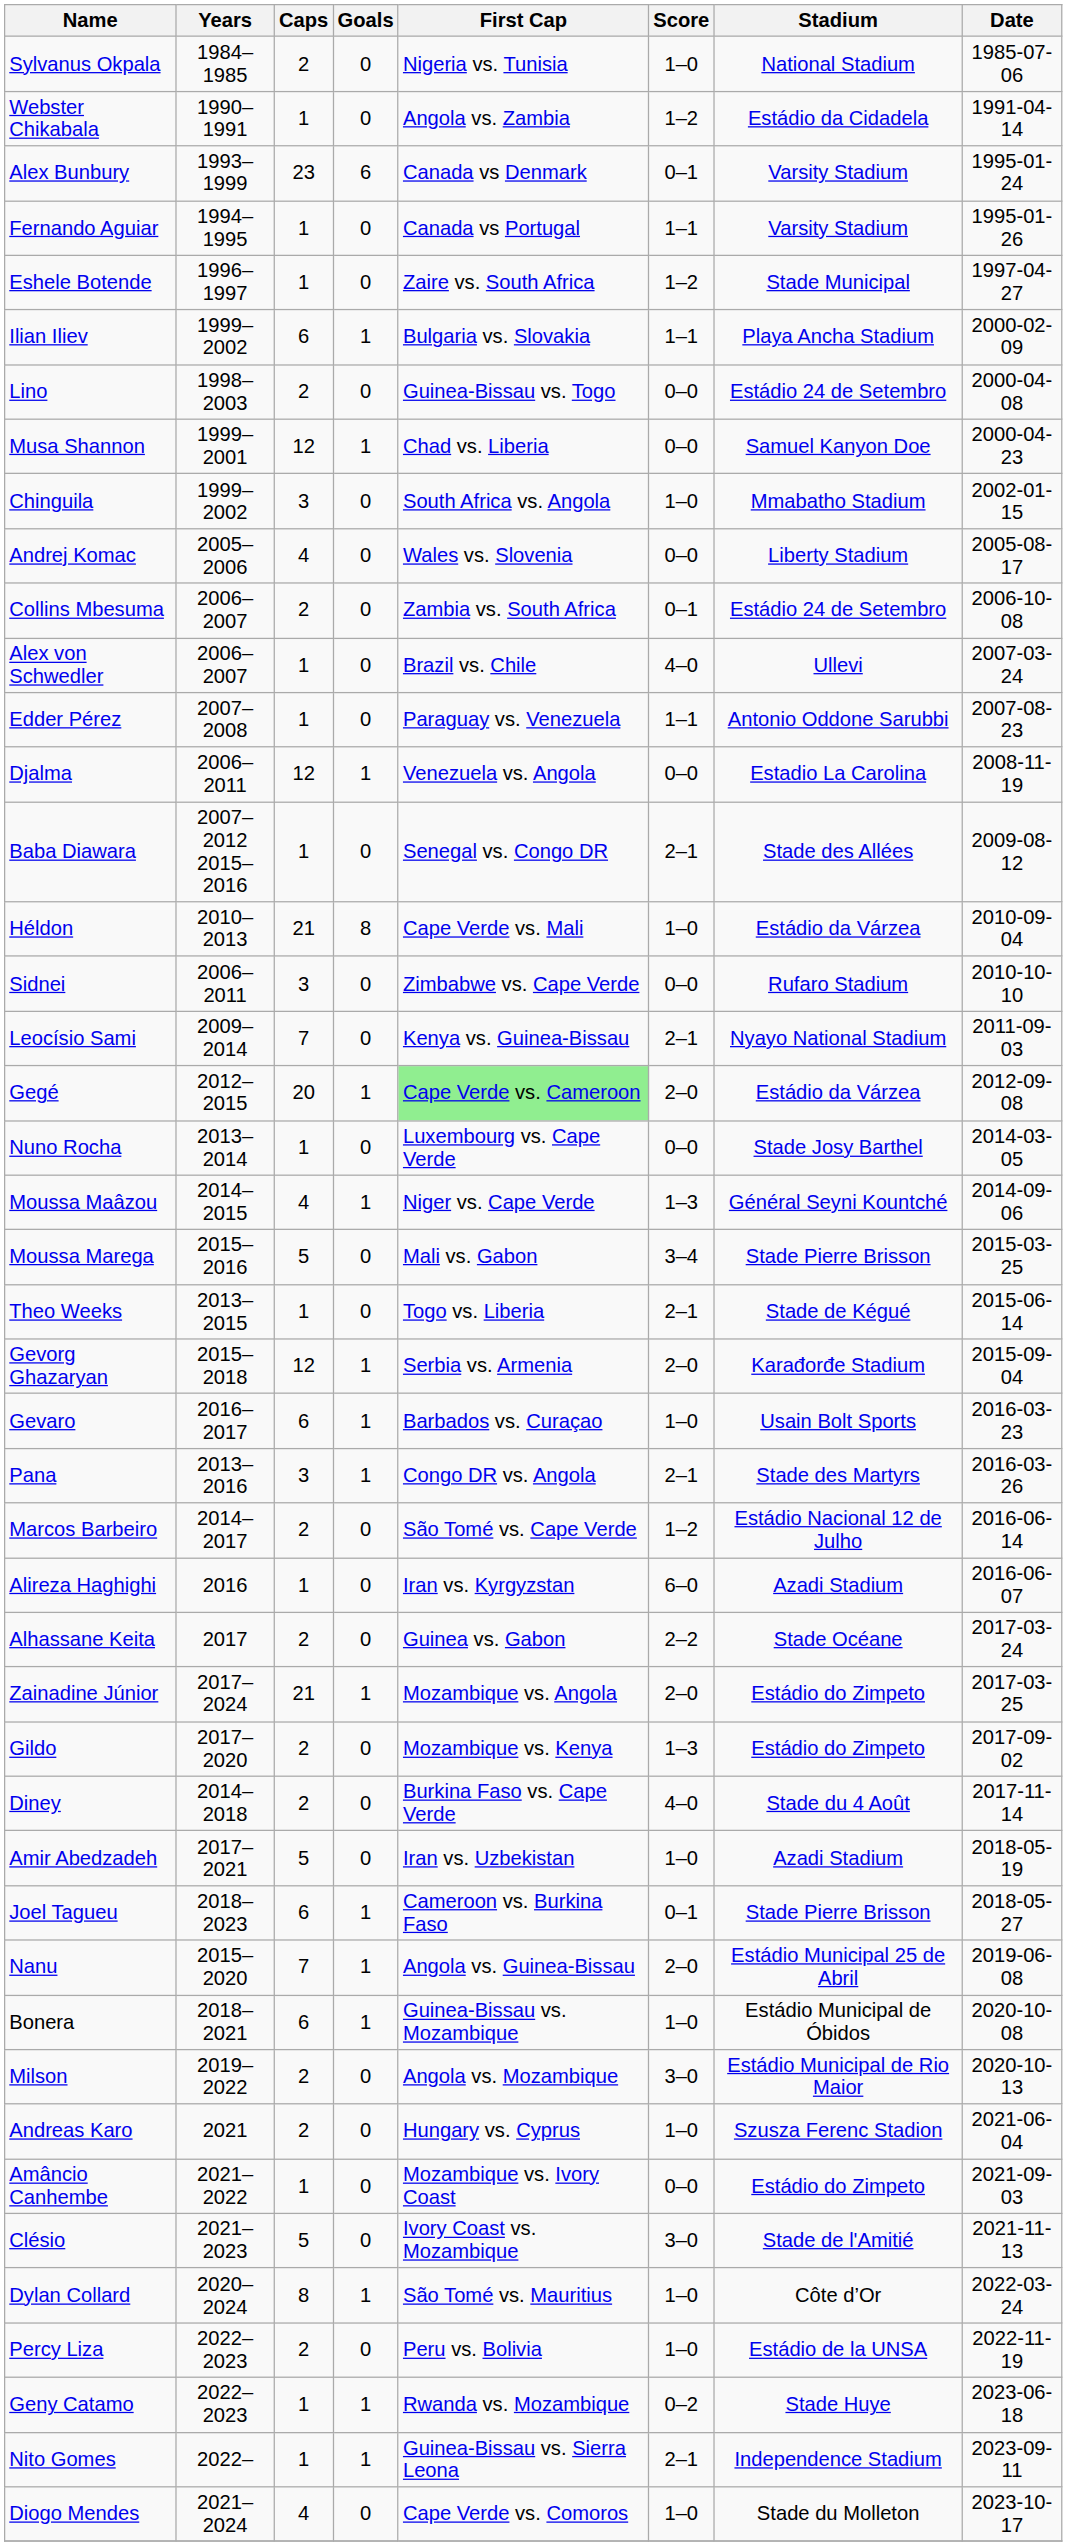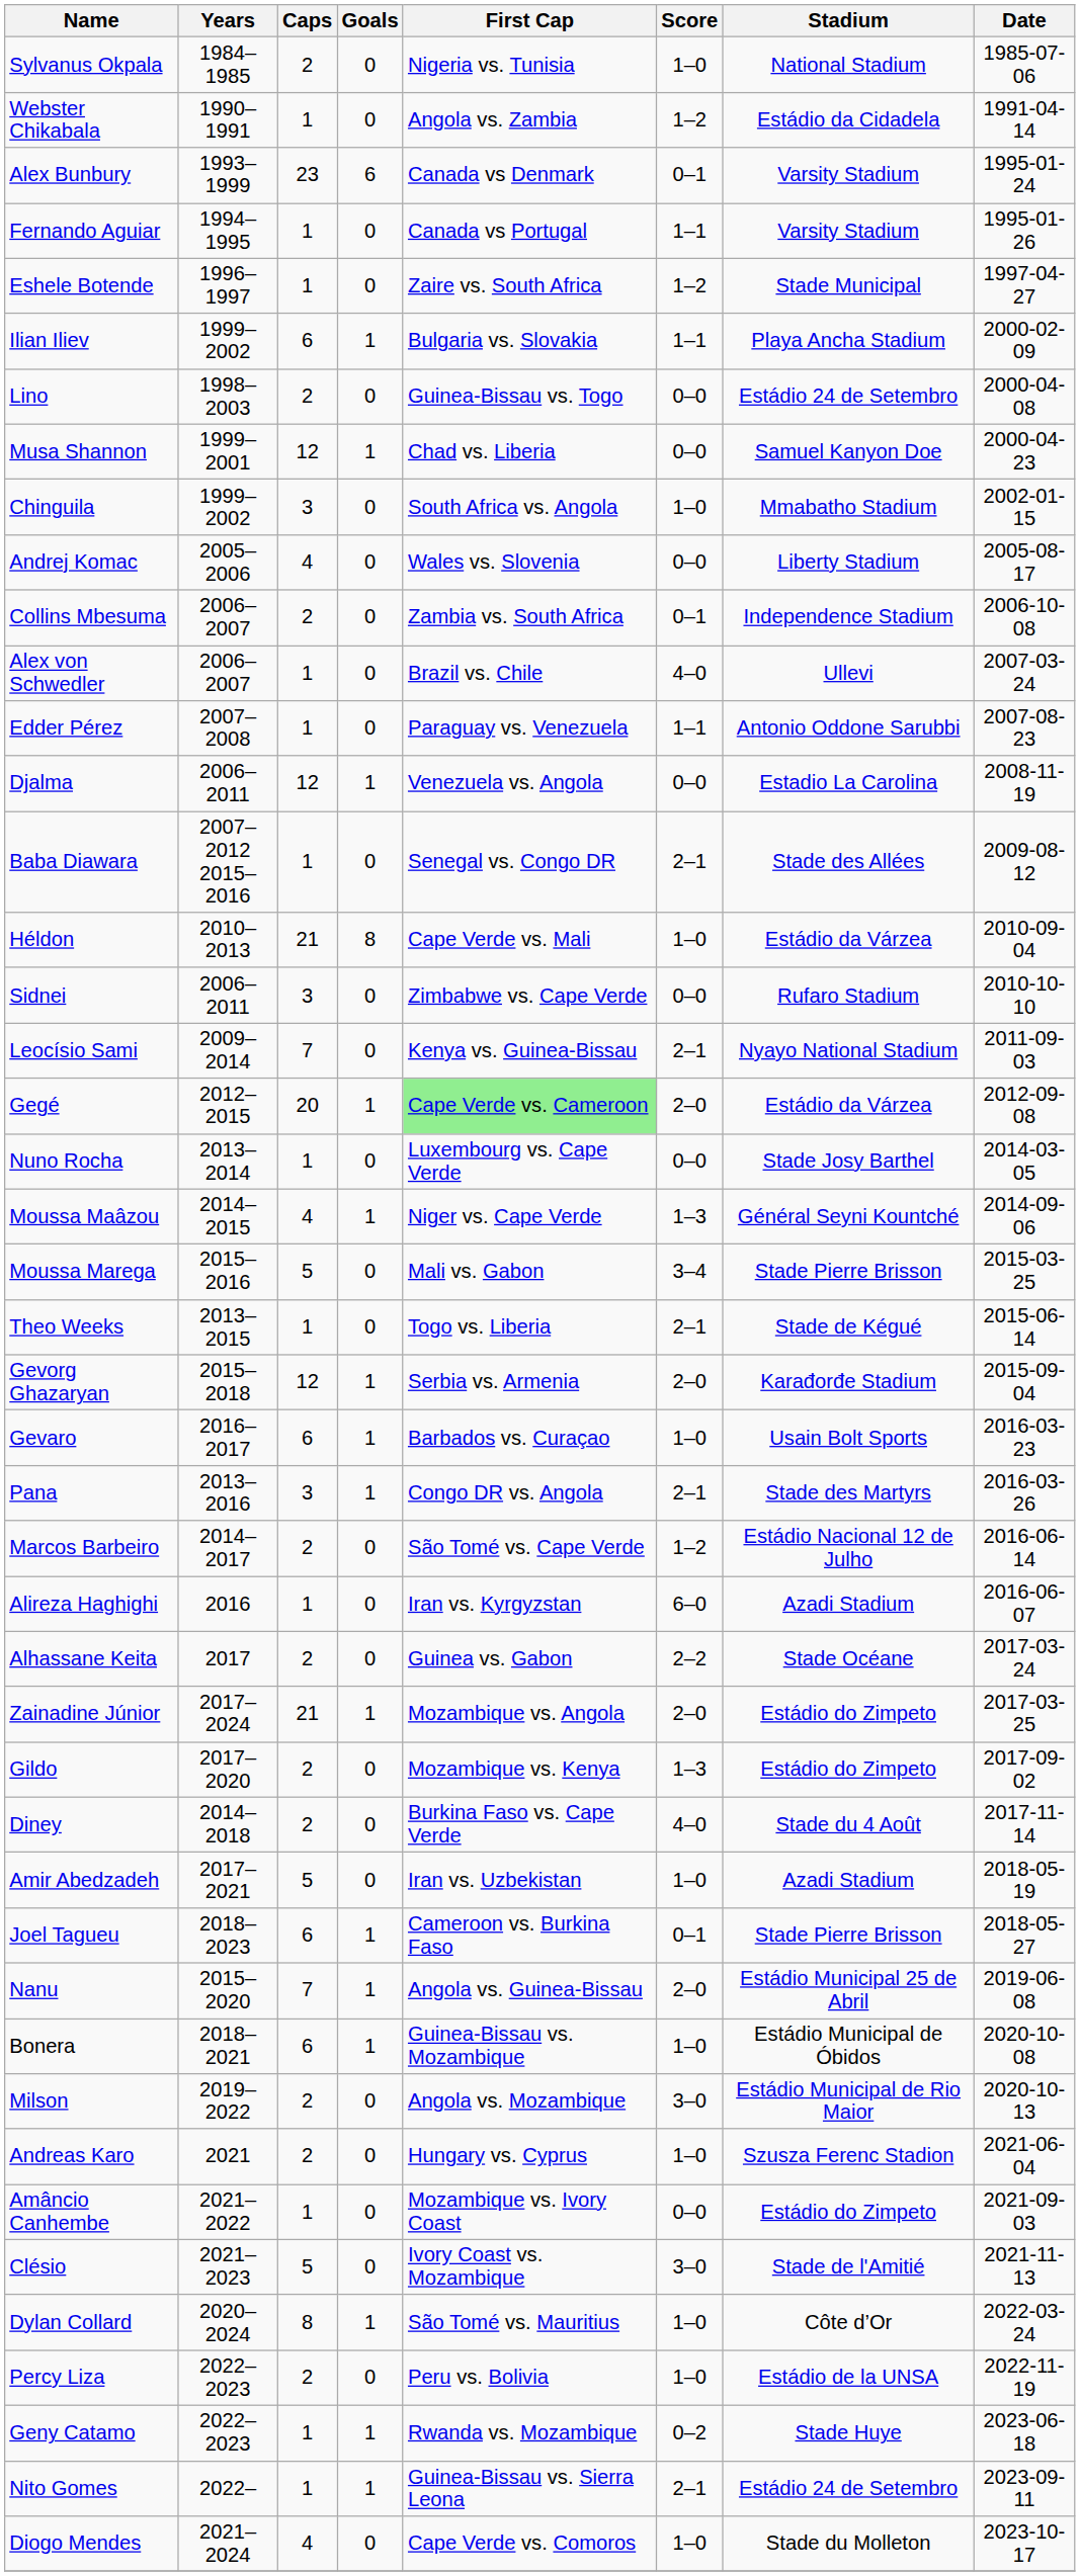 <table class="wikitable sortable" style="width:95%; align:center; text-align:center">
 <tr>
 <th>Name</th>
 <th>Years</th>
 <th>Caps</th>
 <th>Goals</th>
 <th>First Cap</th>
 <th>Score</th>
 <th>Stadium</th>
 <th>Date</th>
 </tr>
 <tr>
 <td align="left"> <a href='#'>Sylvanus Okpala</a></td>
 <td align="center">1984–1985</td>
 <td>2</td>
 <td>0</td>
 <td align="left"><a href='#'>Nigeria</a>  vs.  <a href='#'>Tunisia</a></td>
 <td>1–0</td>
 <td><a href='#'>National Stadium</a></td>
 <td>1985-07-06</td>
 </tr>
 <tr>
 <td align="left"> <a href='#'>Webster Chikabala</a></td>
 <td align="center">1990–1991</td>
 <td>1</td>
 <td>0</td>
 <td align="left"><a href='#'>Angola</a>  vs.  <a href='#'>Zambia</a></td>
 <td>1–2</td>
 <td><a href='#'>Estádio da Cidadela</a></td>
 <td>1991-04-14</td>
 </tr>
 <tr>
 <td align="left"> <a href='#'>Alex Bunbury</a></td>
 <td align="center">1993–1999</td>
 <td>23</td>
 <td>6</td>
 <td align="left"><a href='#'>Canada</a>  vs  <a href='#'>Denmark</a></td>
 <td>0–1</td>
 <td><a href='#'>Varsity Stadium</a></td>
 <td>1995-01-24</td>
 </tr>
 <tr>
 <td align="left"> <a href='#'>Fernando Aguiar</a></td>
 <td align="center">1994–1995</td>
 <td>1</td>
 <td>0</td>
 <td align="left"><a href='#'>Canada</a>  vs  <a href='#'>Portugal</a></td>
 <td>1–1</td>
 <td><a href='#'>Varsity Stadium</a></td>
 <td>1995-01-26</td>
 </tr>
 <tr>
 <td align="left"> <a href='#'>Eshele Botende</a></td>
 <td align="center">1996–1997</td>
 <td>1</td>
 <td>0</td>
 <td align="left"><a href='#'>Zaire</a>  vs.  <a href='#'>South Africa</a></td>
 <td>1–2</td>
 <td><a href='#'>Stade Municipal</a></td>
 <td>1997-04-27</td>
 </tr>
 <tr>
 <td align="left"> <a href='#'>Ilian Iliev</a></td>
 <td align="center">1999–2002</td>
 <td>6</td>
 <td>1</td>
 <td align="left"><a href='#'>Bulgaria</a>  vs.  <a href='#'>Slovakia</a></td>
 <td>1–1</td>
 <td><a href='#'>Playa Ancha Stadium</a></td>
 <td>2000-02-09</td>
 </tr>
 <tr>
 <td align="left"> <a href='#'>Lino</a></td>
 <td align="center">1998–2003</td>
 <td>2</td>
 <td>0</td>
 <td align="left"><a href='#'>Guinea-Bissau</a>   vs.  <a href='#'>Togo</a></td>
 <td>0–0</td>
 <td><a href='#'>Estádio 24 de Setembro</a></td>
 <td>2000-04-08</td>
 </tr>
 <tr>
 <td align="left"> <a href='#'>Musa Shannon</a></td>
 <td align="center">1999–2001</td>
 <td>12</td>
 <td>1</td>
 <td align="left"><a href='#'>Chad</a>  vs.  <a href='#'>Liberia</a></td>
 <td>0–0</td>
 <td><a href='#'>Samuel Kanyon Doe</a></td>
 <td>2000-04-23</td>
 </tr>
 <tr>
 <td align="left"> <a href='#'>Chinguila</a></td>
 <td align="center">1999–2002</td>
 <td>3</td>
 <td>0</td>
 <td align="left"><a href='#'>South Africa</a>  vs.  <a href='#'>Angola</a></td>
 <td>1–0</td>
 <td><a href='#'>Mmabatho Stadium</a></td>
 <td>2002-01-15</td>
 </tr>
 <tr>
 <td align="left"> <a href='#'>Andrej Komac</a></td>
 <td align="center">2005–2006</td>
 <td>4</td>
 <td>0</td>
 <td align="left"><a href='#'>Wales</a>  vs.  <a href='#'>Slovenia</a></td>
 <td>0–0</td>
 <td><a href='#'>Liberty Stadium</a></td>
 <td>2005-08-17</td>
 </tr>
 <tr>
 <td align="left"> <a href='#'>Collins Mbesuma</a></td>
 <td align="center">2006–2007</td>
 <td>2</td>
 <td>0</td>
 <td align="left"><a href='#'>Zambia</a>  vs.  <a href='#'>South Africa</a></td>
 <td>0–1</td>
-<td><a href='#'>Estádio 24 de Setembro</a></td>
+<td><a href='#'>Independence Stadium</a></td>
 <td>2006-10-08</td>
 </tr>
 <tr>
 <td align="left"> <a href='#'>Alex von Schwedler</a></td>
 <td align="center">2006–2007</td>
 <td>1</td>
 <td>0</td>
 <td align="left"><a href='#'>Brazil</a>  vs.  <a href='#'>Chile</a></td>
 <td>4–0</td>
 <td><a href='#'>Ullevi</a></td>
 <td>2007-03-24</td>
 </tr>
 <tr>
 <td align="left"> <a href='#'>Edder Pérez</a></td>
 <td align="center">2007–2008</td>
 <td>1</td>
 <td>0</td>
 <td align="left"><a href='#'>Paraguay</a>  vs.  <a href='#'>Venezuela</a></td>
 <td>1–1</td>
 <td><a href='#'>Antonio Oddone Sarubbi</a></td>
 <td>2007-08-23</td>
 </tr>
 <tr>
 <td align="left"> <a href='#'>Djalma</a></td>
 <td align="center">2006–2011</td>
 <td>12</td>
 <td>1</td>
 <td align="left"><a href='#'>Venezuela</a>  vs.  <a href='#'>Angola</a></td>
 <td>0–0</td>
 <td><a href='#'>Estadio La Carolina</a></td>
 <td>2008-11-19</td>
 </tr>
 <tr>
 <td align="left"> <a href='#'>Baba Diawara</a></td>
 <td align="center">2007–2012<br>2015–2016</td>
 <td>1</td>
 <td>0</td>
 <td align="left"><a href='#'>Senegal</a>   vs.  <a href='#'>Congo DR</a></td>
 <td>2–1</td>
 <td><a href='#'>Stade des Allées</a></td>
 <td>2009-08-12</td>
 </tr>
 <tr>
 <td align="left"> <a href='#'>Héldon</a></td>
 <td align="center">2010–2013</td>
 <td>21</td>
 <td>8</td>
 <td align="left"><a href='#'>Cape Verde</a>  vs.  <a href='#'>Mali</a></td>
 <td>1–0</td>
 <td><a href='#'>Estádio da Várzea</a></td>
 <td>2010-09-04</td>
 </tr>
 <tr>
 <td align="left"> <a href='#'>Sidnei</a></td>
 <td align="center">2006–2011</td>
 <td>3</td>
 <td>0</td>
 <td align="left"><a href='#'>Zimbabwe</a>  vs.  <a href='#'>Cape Verde</a></td>
 <td>0–0</td>
 <td><a href='#'>Rufaro Stadium</a></td>
 <td>2010-10-10</td>
 </tr>
 <tr>
 <td align="left"> <a href='#'>Leocísio Sami</a></td>
 <td align="center">2009–2014</td>
 <td>7</td>
 <td>0</td>
 <td align="left"><a href='#'>Kenya</a>   vs.  <a href='#'>Guinea-Bissau</a></td>
 <td>2–1</td>
 <td><a href='#'>Nyayo National Stadium</a></td>
 <td>2011-09-03</td>
 </tr>
 <tr>
 <td align="left"> <a href='#'>Gegé</a></td>
 <td align="center">2012–2015</td>
 <td>20</td>
 <td>1</td>
 <td align="left" style="background: lightgreen;"><a href='#'>Cape Verde</a>  vs.  <a href='#'>Cameroon</a></td>
 <td>2–0</td>
 <td><a href='#'>Estádio da Várzea</a></td>
 <td>2012-09-08</td>
 </tr>
 <tr>
 <td align="left"> <a href='#'>Nuno Rocha</a></td>
 <td align="center">2013–2014</td>
 <td>1</td>
 <td>0</td>
 <td align="left"><a href='#'>Luxembourg</a>  vs.  <a href='#'>Cape Verde</a></td>
 <td>0–0</td>
 <td><a href='#'>Stade Josy Barthel</a></td>
 <td>2014-03-05</td>
 </tr>
 <tr>
 <td align="left"> <a href='#'>Moussa Maâzou</a></td>
 <td align="center">2014–2015</td>
 <td>4</td>
 <td>1</td>
 <td align="left"><a href='#'>Niger</a>  vs.  <a href='#'>Cape Verde</a></td>
 <td>1–3</td>
 <td><a href='#'>Général Seyni Kountché</a></td>
 <td>2014-09-06</td>
 </tr>
 <tr>
 <td align="left"> <a href='#'>Moussa Marega</a></td>
 <td align="center">2015–2016</td>
 <td>5</td>
 <td>0</td>
 <td align="left"><a href='#'>Mali</a>  vs.  <a href='#'>Gabon</a></td>
 <td>3–4</td>
 <td><a href='#'>Stade Pierre Brisson</a></td>
 <td>2015-03-25</td>
 </tr>
 <tr>
 <td align="left"> <a href='#'>Theo Weeks</a></td>
 <td align="center">2013–2015</td>
 <td>1</td>
 <td>0</td>
 <td align="left"><a href='#'>Togo</a>  vs.  <a href='#'>Liberia</a></td>
 <td>2–1</td>
 <td><a href='#'>Stade de Kégué</a></td>
 <td>2015-06-14</td>
 </tr>
 <tr>
 <td align="left"> <a href='#'>Gevorg Ghazaryan</a></td>
 <td align="center">2015–2018</td>
 <td>12</td>
 <td>1</td>
 <td align="left"><a href='#'>Serbia</a>  vs.  <a href='#'>Armenia</a></td>
 <td>2–0</td>
 <td><a href='#'>Karađorđe Stadium</a></td>
 <td>2015-09-04</td>
 </tr>
 <tr>
 <td align="left"> <a href='#'>Gevaro</a></td>
 <td align="center">2016–2017</td>
 <td>6</td>
 <td>1</td>
 <td align="left"><a href='#'>Barbados</a>   vs.  <a href='#'>Curaçao</a></td>
 <td>1–0</td>
 <td><a href='#'>Usain Bolt Sports</a></td>
 <td>2016-03-23</td>
 </tr>
 <tr>
 <td align="left"> <a href='#'>Pana</a></td>
 <td align="center">2013–2016</td>
 <td>3</td>
 <td>1</td>
 <td align="left"><a href='#'>Congo DR</a>   vs.  <a href='#'>Angola</a></td>
 <td>2–1</td>
 <td><a href='#'>Stade des Martyrs</a></td>
 <td>2016-03-26</td>
 </tr>
 <tr>
 <td align="left"> <a href='#'>Marcos Barbeiro</a></td>
 <td align="center">2014–2017</td>
 <td>2</td>
 <td>0</td>
 <td align="left"><a href='#'>São Tomé</a>  vs.  <a href='#'>Cape Verde</a></td>
 <td>1–2</td>
 <td><a href='#'>Estádio Nacional 12 de Julho</a></td>
 <td>2016-06-14</td>
 </tr>
 <tr>
 <td align="left"> <a href='#'>Alireza Haghighi</a></td>
 <td align="center">2016</td>
 <td>1</td>
 <td>0</td>
 <td align="left"><a href='#'>Iran</a>   vs.  <a href='#'>Kyrgyzstan</a></td>
 <td>6–0</td>
 <td><a href='#'>Azadi Stadium</a></td>
 <td>2016-06-07</td>
 </tr>
 <tr>
 <td align="left"> <a href='#'>Alhassane Keita</a></td>
 <td align="center">2017</td>
 <td>2</td>
 <td>0</td>
 <td align="left"><a href='#'>Guinea</a>  vs.  <a href='#'>Gabon</a></td>
 <td>2–2</td>
 <td><a href='#'>Stade Océane</a></td>
 <td>2017-03-24</td>
 </tr>
 <tr>
 <td align="left"> <a href='#'>Zainadine Júnior</a></td>
 <td align="center">2017–2024</td>
 <td>21</td>
 <td>1</td>
 <td align="left"><a href='#'>Mozambique</a>  vs.  <a href='#'>Angola</a></td>
 <td>2–0</td>
 <td><a href='#'>Estádio do Zimpeto</a></td>
 <td>2017-03-25</td>
 </tr>
 <tr>
 <td align="left"> <a href='#'>Gildo</a></td>
 <td align="center">2017–2020</td>
 <td>2</td>
 <td>0</td>
 <td align="left"><a href='#'>Mozambique</a>  vs.  <a href='#'>Kenya</a></td>
 <td>1–3</td>
 <td><a href='#'>Estádio do Zimpeto</a></td>
 <td>2017-09-02</td>
 </tr>
 <tr>
 <td align="left"> <a href='#'>Diney</a></td>
 <td align="center">2014–2018</td>
 <td>2</td>
 <td>0</td>
 <td align="left"><a href='#'>Burkina Faso</a>  vs.  <a href='#'>Cape Verde</a></td>
 <td>4–0</td>
 <td><a href='#'>Stade du 4 Août</a></td>
 <td>2017-11-14</td>
 </tr>
 <tr>
 <td align="left"> <a href='#'>Amir Abedzadeh</a></td>
 <td align="center">2017–2021</td>
 <td>5</td>
 <td>0</td>
 <td align="left"><a href='#'>Iran</a>  vs.  <a href='#'>Uzbekistan</a></td>
 <td>1–0</td>
 <td><a href='#'>Azadi Stadium</a></td>
 <td>2018-05-19</td>
 </tr>
 <tr>
 <td align="left"> <a href='#'>Joel Tagueu</a></td>
 <td align="center">2018–2023</td>
 <td>6</td>
 <td>1</td>
 <td align="left"><a href='#'>Cameroon</a>  vs.  <a href='#'>Burkina Faso</a></td>
 <td>0–1</td>
 <td><a href='#'>Stade Pierre Brisson</a></td>
 <td>2018-05-27</td>
 </tr>
 <tr>
 <td align="left"> <a href='#'>Nanu</a></td>
 <td align="center">2015–2020</td>
 <td>7</td>
 <td>1</td>
 <td align="left"><a href='#'>Angola</a>  vs.  <a href='#'>Guinea-Bissau</a></td>
 <td>2–0</td>
 <td><a href='#'>Estádio Municipal 25 de Abril</a></td>
 <td>2019-06-08</td>
 </tr>
 <tr>
 <td align="left"> Bonera</td>
 <td align="center">2018–2021</td>
 <td>6</td>
 <td>1</td>
 <td align="left"><a href='#'>Guinea-Bissau</a>   vs.  <a href='#'>Mozambique</a></td>
 <td>1–0</td>
 <td>Estádio Municipal de Óbidos</td>
 <td>2020-10-08</td>
 </tr>
 <tr>
 <td align="left"> <a href='#'>Milson</a></td>
 <td align="center">2019–2022</td>
 <td>2</td>
 <td>0</td>
 <td align="left"><a href='#'>Angola</a>  vs.  <a href='#'>Mozambique</a></td>
 <td>3–0</td>
 <td><a href='#'>Estádio Municipal de Rio Maior</a></td>
 <td>2020-10-13</td>
 </tr>
 <tr>
 <td align="left"> <a href='#'>Andreas Karo</a></td>
 <td align="center">2021</td>
 <td>2</td>
 <td>0</td>
 <td align="left"><a href='#'>Hungary</a>  vs.  <a href='#'>Cyprus</a></td>
 <td>1–0</td>
 <td><a href='#'>Szusza Ferenc Stadion</a></td>
 <td>2021-06-04</td>
 </tr>
 <tr>
 <td align="left"> <a href='#'>Amâncio Canhembe</a></td>
 <td align="center">2021–2022</td>
 <td>1</td>
 <td>0</td>
 <td align="left"><a href='#'>Mozambique</a>  vs.  <a href='#'>Ivory Coast</a></td>
 <td>0–0</td>
 <td><a href='#'>Estádio do Zimpeto</a></td>
 <td>2021-09-03</td>
 </tr>
 <tr>
 <td align="left"> <a href='#'>Clésio</a></td>
 <td align="center">2021–2023</td>
 <td>5</td>
 <td>0</td>
 <td align="left"><a href='#'>Ivory Coast</a>  vs.  <a href='#'>Mozambique</a></td>
 <td>3–0</td>
 <td><a href='#'>Stade de l'Amitié</a></td>
 <td>2021-11-13</td>
 </tr>
 <tr>
 <td align="left"> <a href='#'>Dylan Collard</a></td>
 <td align="center">2020–2024</td>
 <td>8</td>
 <td>1</td>
 <td align="left"><a href='#'>São Tomé</a>  vs.  <a href='#'>Mauritius</a></td>
 <td>1–0</td>
 <td>Côte d’Or</td>
 <td>2022-03-24</td>
 </tr>
 <tr>
 <td align="left"> <a href='#'>Percy Liza</a></td>
 <td align="center">2022–2023</td>
 <td>2</td>
 <td>0</td>
 <td align="left"><a href='#'>Peru</a>  vs.  <a href='#'>Bolivia</a></td>
 <td>1–0</td>
 <td><a href='#'>Estádio de la UNSA</a></td>
 <td>2022-11-19</td>
 </tr>
 <tr>
 <td align="left"> <a href='#'>Geny Catamo</a></td>
 <td align="center">2022–2023</td>
 <td>1</td>
 <td>1</td>
 <td align="left"><a href='#'>Rwanda</a>  vs.  <a href='#'>Mozambique</a></td>
 <td>0–2</td>
 <td><a href='#'>Stade Huye</a></td>
 <td>2023-06-18</td>
 </tr>
 <tr>
 <td align="left"> <a href='#'>Nito Gomes</a></td>
 <td align="center">2022–</td>
 <td>1</td>
 <td>1</td>
 <td align="left"><a href='#'>Guinea-Bissau</a>  vs.  <a href='#'>Sierra Leona</a></td>
 <td>2–1</td>
-<td><a href='#'>Independence Stadium</a></td>
+<td><a href='#'>Estádio 24 de Setembro</a></td>
 <td>2023-09-11</td>
 </tr>
 <tr>
 <td align="left"> <a href='#'>Diogo Mendes</a></td>
 <td align="center">2021–2024</td>
 <td>4</td>
 <td>0</td>
 <td align="left"><a href='#'>Cape Verde</a>  vs.  <a href='#'>Comoros</a></td>
 <td>1–0</td>
 <td>Stade du Molleton</td>
 <td>2023-10-17</td>
 </tr>
 <tr>
 </tr>
 </table>
